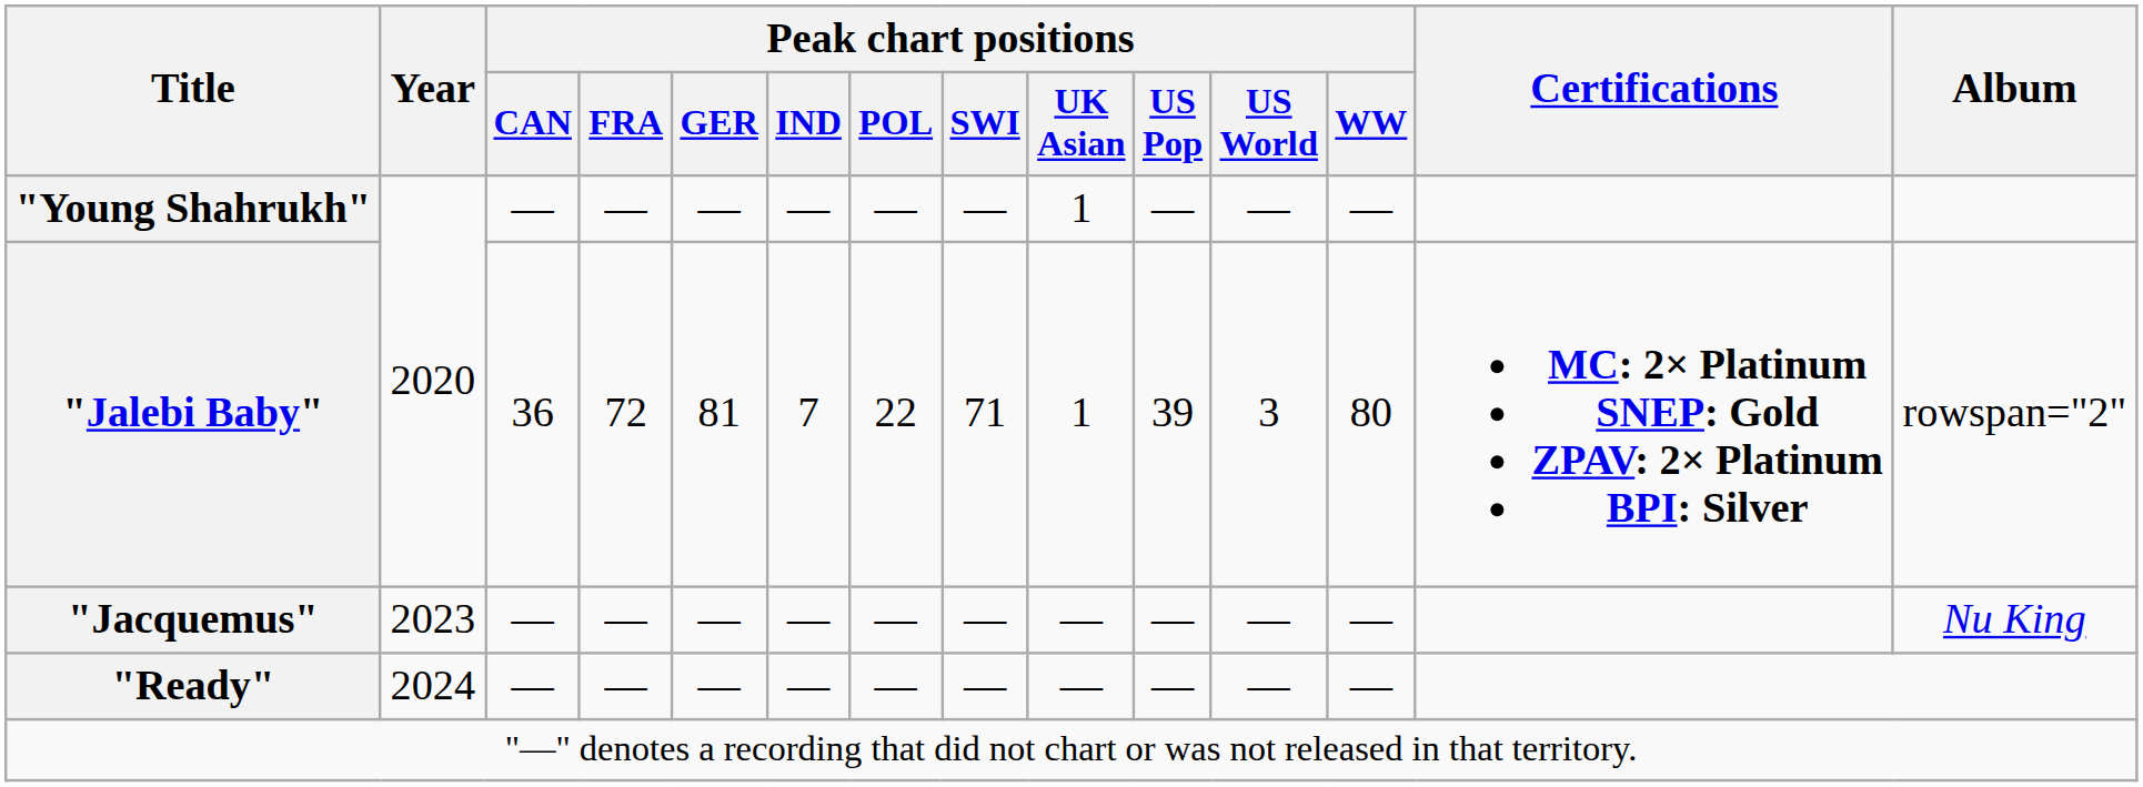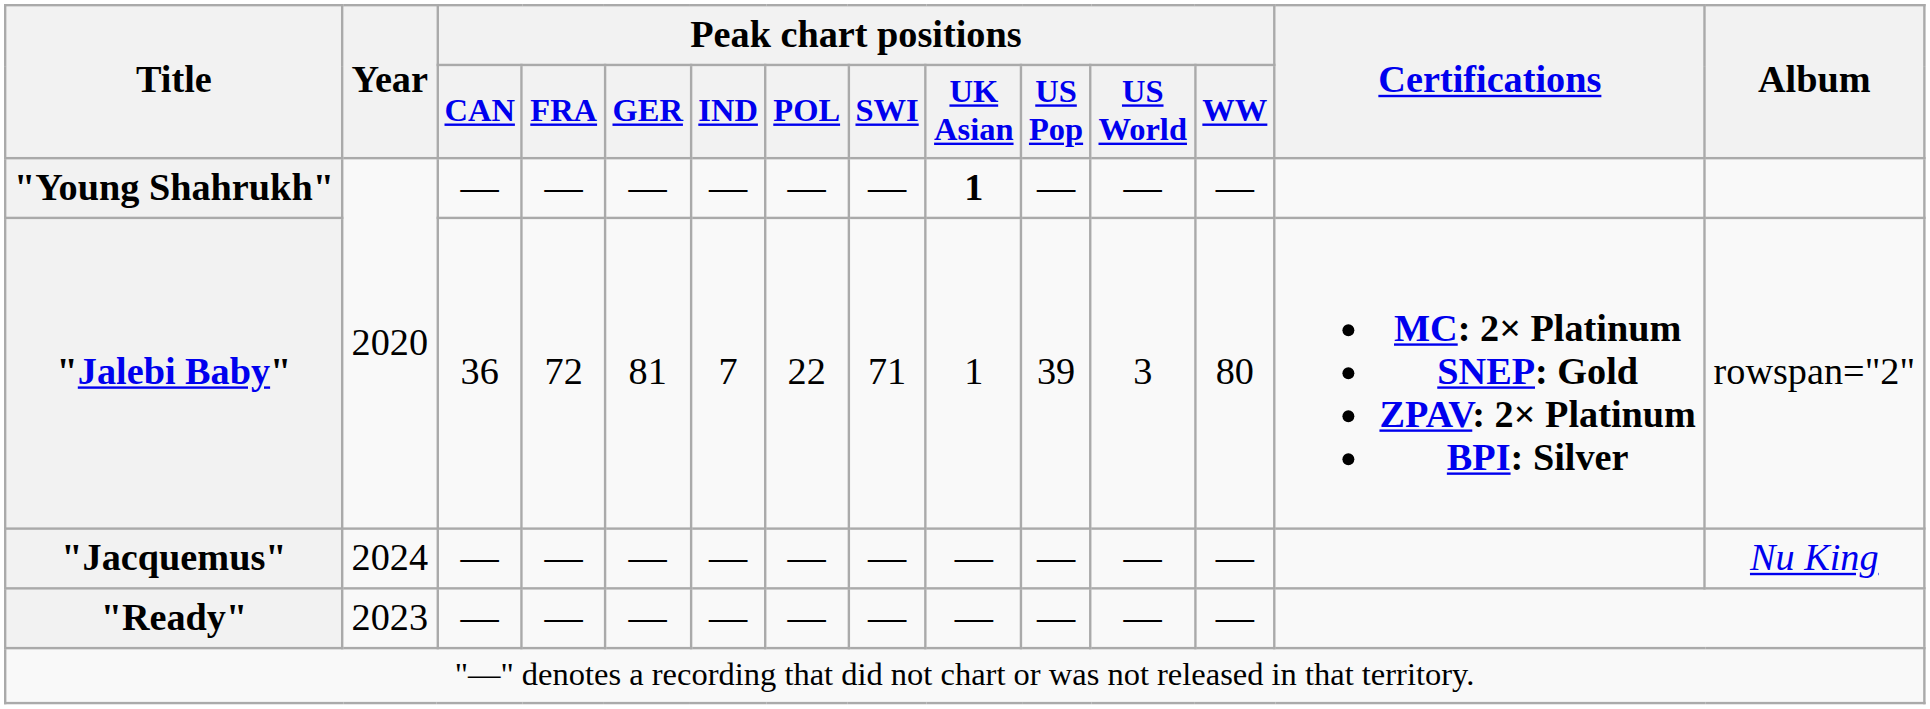 <table class="wikitable plainrowheaders nowrap" style="text-align:center">
 <tr>
 <th rowspan="2">Title</th>
 <th rowspan="2">Year</th>
 <th colspan="10">Peak chart positions</th>
 <th rowspan="2"><a href='#'>Certifications</a></th>
 <th rowspan="2">Album</th>
 </tr>
 <tr>
 <th scope="col" style="width:1em;font-size:85%;"><a href='#'>CAN</a><br></th>
 <th scope="col" style="width:1em;font-size:85%;"><a href='#'>FRA</a><br></th>
 <th scope="col" style="width:1em;font-size:85%;"><a href='#'>GER</a><br></th>
 <th scope="col" style="width:1em;font-size:85%;"><a href='#'>IND</a><br></th>
 <th scope="col" style="width:1em;font-size:85%;"><a href='#'>POL</a><br></th>
 <th scope="col" style="width:1em;font-size:85%;"><a href='#'>SWI</a><br></th>
 <th scope="col" style="width:1em;font-size:85%;"><a href='#'>UK<br>Asian</a><br></th>
 <th scope="col" style="width:1em;font-size:85%;"><a href='#'>US<br>Pop</a><br></th>
 <th scope="col" style="width:1em;font-size:85%;"><a href='#'>US<br>World</a><br></th>
 <th scope="col" style="width:1em;font-size:85%;"><a href='#'>WW</a><br></th>
 </tr>
 <tr>
 <th scope="row">"Young Shahrukh"</th>
 <td rowspan="2">2020</td>
 <td>—</td>
 <td>—</td>
 <td>—</td>
 <td>—</td>
 <td>—</td>
 <td>—</td>
-<td>1</td>
+<td><strong>1</strong></td>
 <td>—</td>
 <td>—</td>
 <td>—</td>
 <td></td>
 <td></td>
 </tr>
 <tr>
 <th scope="row">"<a href='#'>Jalebi Baby</a>"<br></th>
 <td>36</td>
 <td>72</td>
 <td>81</td>
 <td>7</td>
 <td>22</td>
 <td>71</td>
 <td>1</td>
 <td>39</td>
 <td>3</td>
 <td>80</td>
 <td><strong><br><ul><li><a href='#'>MC</a>: 2× Platinum</li><li><a href='#'>SNEP</a>: Gold</li><li><a href='#'>ZPAV</a>: 2× Platinum</li><li><a href='#'>BPI</a>: Silver</li></ul></strong></td>
 <td>rowspan="2" </td>
 </tr>
 <tr>
 <th scope="row">"Jacquemus"</th>
-<td>2023</td>
+<td>2024</td>
 <td>—</td>
 <td>—</td>
 <td>—</td>
 <td>—</td>
 <td>—</td>
 <td>—</td>
 <td>—</td>
 <td>—</td>
 <td>—</td>
 <td>—</td>
 <td></td>
 <td><em><a href='#'>Nu King</a></em></td>
 </tr>
 <tr>
 <th scope="row">"Ready"</th>
-<td>2024</td>
+<td>2023</td>
 <td>—</td>
 <td>—</td>
 <td>—</td>
 <td>—</td>
 <td>—</td>
 <td>—</td>
 <td>—</td>
 <td>—</td>
 <td>—</td>
 <td>—</td>
 </tr>
 <tr>
 <td colspan="16" style="font-size:85%;">"—" denotes a recording that did not chart or was not released in that territory.</td>
 </tr>
 </table>
